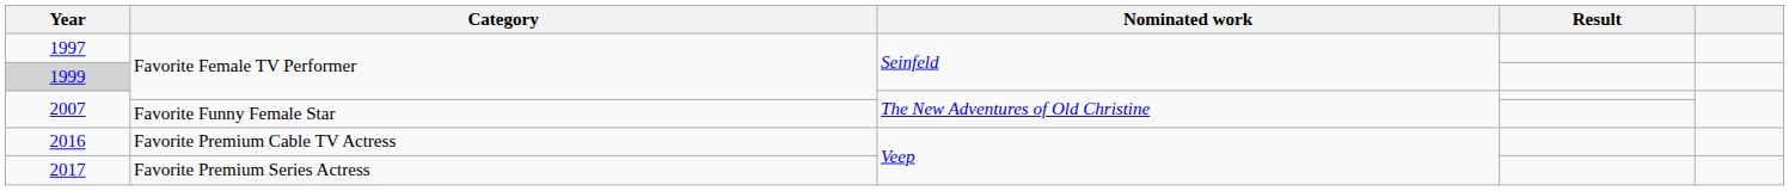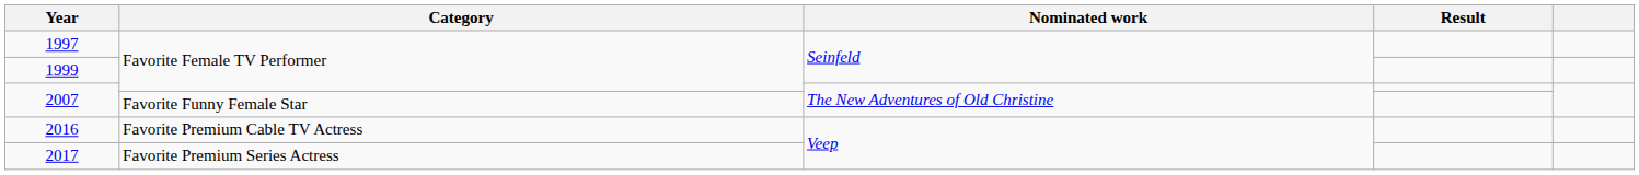 <table width="100%" class="wikitable">
 <tr>
 <th width="7%">Year</th>
 <th width="42%">Category</th>
 <th width="35%">Nominated work</th>
 <th width="11%">Result</th>
 <th width="5%"></th>
 </tr>
 <tr>
 <td align="center"><a href='#'>1997</a></td>
 <td rowspan="3">Favorite Female TV Performer</td>
 <td rowspan="2"><em><a href='#'>Seinfeld</a></em></td>
 <td></td>
 <td align="center"></td>
 </tr>
 <tr>
-<td align="center" style="background: lightgrey;"><a href='#'>1999</a></td>
+<td align="center"><a href='#'>1999</a></td>
 <td></td>
 <td align="center"></td>
 </tr>
 <tr>
 <td rowspan="2" align="center"><a href='#'>2007</a></td>
 <td rowspan="2"><em><a href='#'>The New Adventures of Old Christine</a></em></td>
 <td></td>
 <td rowspan="2" align="center"></td>
 </tr>
 <tr>
 <td>Favorite Funny Female Star</td>
 <td></td>
 </tr>
 <tr>
 <td align="center"><a href='#'>2016</a></td>
 <td>Favorite Premium Cable TV Actress</td>
 <td rowspan="2"><em><a href='#'>Veep</a></em></td>
 <td></td>
 <td align="center"></td>
 </tr>
 <tr>
 <td align="center"><a href='#'>2017</a></td>
 <td>Favorite Premium Series Actress</td>
 <td></td>
 <td align="center"></td>
 </tr>
 </table>
